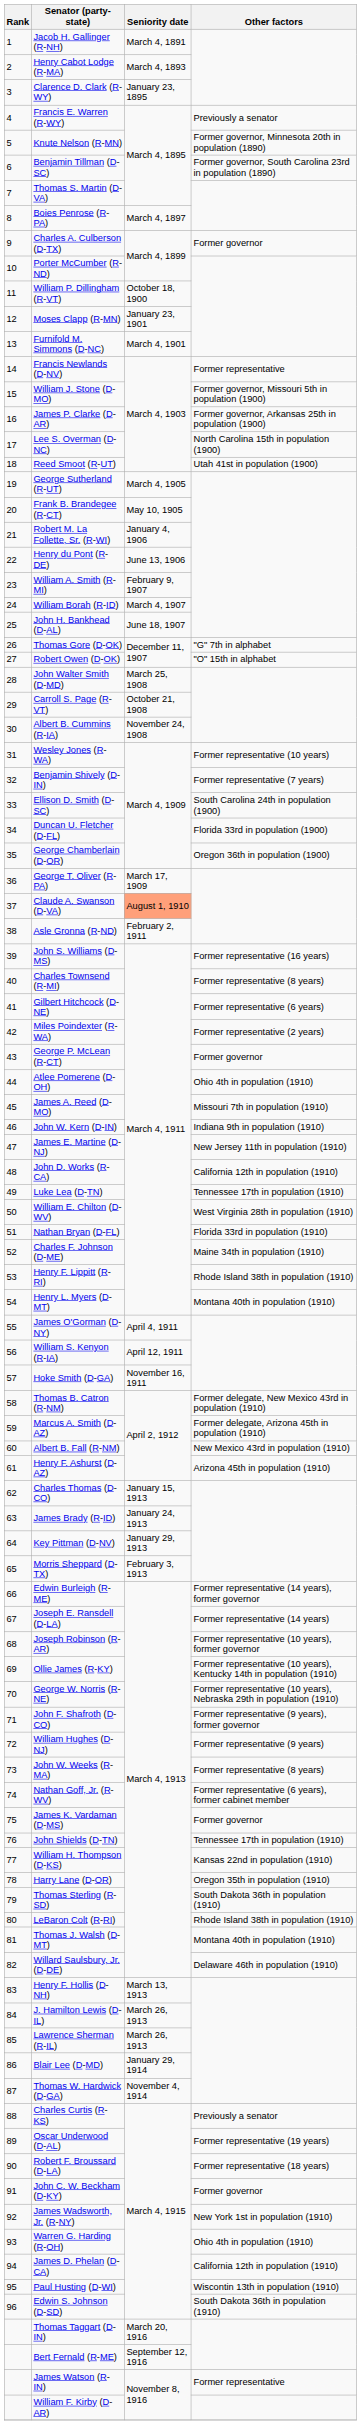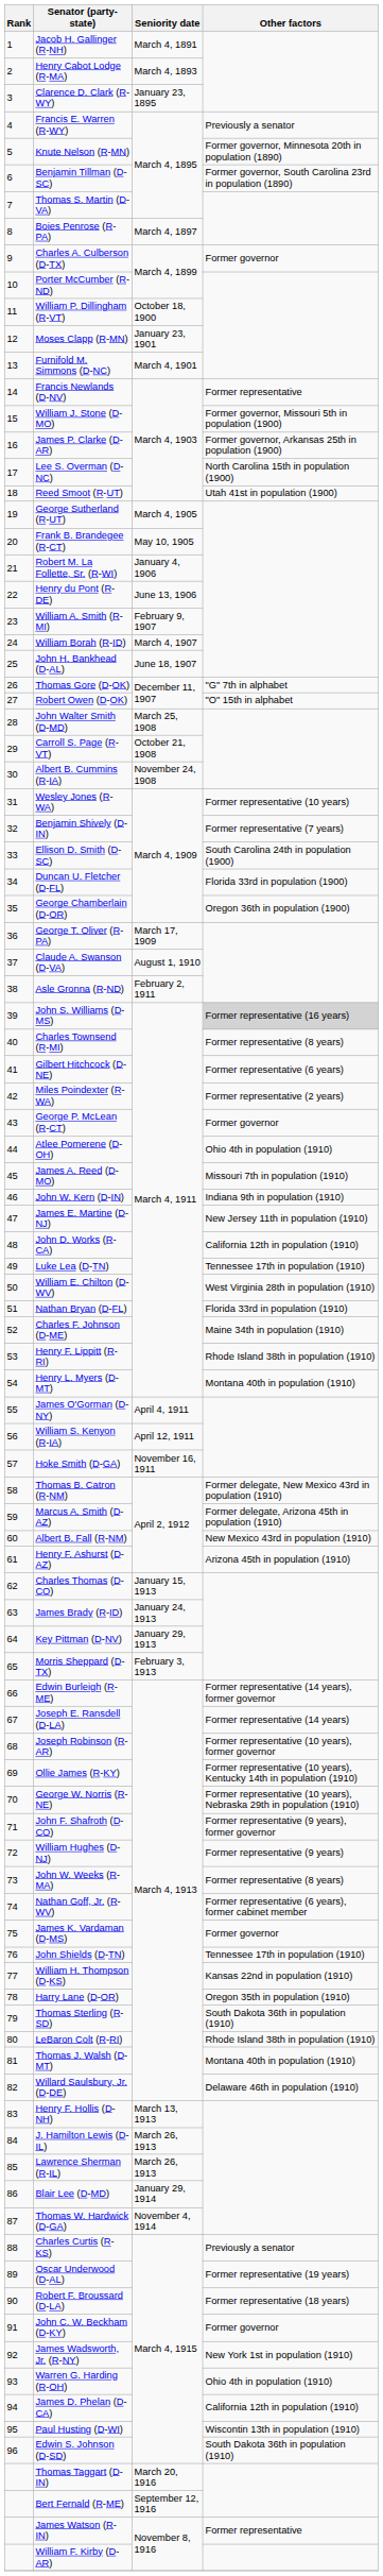 <table class=wikitable>
 <tr valign=bottom>
 <th>Rank</th>
 <th>Senator (party-state)</th>
 <th>Seniority date</th>
 <th>Other factors</th>
 </tr>
 <tr>
 <td>1</td>
 <td><a href='#'>Jacob H. Gallinger</a> (<a href='#'>R</a>-<a href='#'>NH</a>)</td>
 <td>March 4, 1891</td>
 <td rowspan=3></td>
 </tr>
 <tr>
 <td>2</td>
 <td><a href='#'>Henry Cabot Lodge</a> (<a href='#'>R</a>-<a href='#'>MA</a>)</td>
 <td>March 4, 1893</td>
 </tr>
 <tr>
 <td>3</td>
 <td><a href='#'>Clarence D. Clark</a> (<a href='#'>R</a>-<a href='#'>WY</a>)</td>
 <td>January 23, 1895</td>
 </tr>
 <tr>
 <td>4</td>
 <td><a href='#'>Francis E. Warren</a> (<a href='#'>R</a>-<a href='#'>WY</a>)</td>
 <td rowspan=4>March 4, 1895</td>
 <td>Previously a senator</td>
 </tr>
 <tr>
 <td>5</td>
 <td><a href='#'>Knute Nelson</a> (<a href='#'>R</a>-<a href='#'>MN</a>)</td>
 <td>Former governor, Minnesota 20th in population (1890)</td>
 </tr>
 <tr>
 <td>6</td>
 <td><a href='#'>Benjamin Tillman</a> (<a href='#'>D</a>-<a href='#'>SC</a>)</td>
 <td>Former governor, South Carolina 23rd in population (1890)</td>
 </tr>
 <tr>
 <td>7</td>
 <td><a href='#'>Thomas S. Martin</a> (<a href='#'>D</a>-<a href='#'>VA</a>)</td>
 <td rowspan=2></td>
 </tr>
 <tr>
 <td>8</td>
 <td><a href='#'>Boies Penrose</a> (<a href='#'>R</a>-<a href='#'>PA</a>)</td>
 <td>March 4, 1897</td>
 </tr>
 <tr>
 <td>9</td>
 <td><a href='#'>Charles A. Culberson</a> (<a href='#'>D</a>-<a href='#'>TX</a>)</td>
 <td rowspan=2>March 4, 1899</td>
 <td>Former governor</td>
 </tr>
 <tr>
 <td>10</td>
 <td><a href='#'>Porter McCumber</a> (<a href='#'>R</a>-<a href='#'>ND</a>)</td>
 <td rowspan=4></td>
 </tr>
 <tr>
 <td>11</td>
 <td><a href='#'>William P. Dillingham</a> (<a href='#'>R</a>-<a href='#'>VT</a>)</td>
 <td>October 18, 1900</td>
 </tr>
 <tr>
 <td>12</td>
 <td><a href='#'>Moses Clapp</a> (<a href='#'>R</a>-<a href='#'>MN</a>)</td>
 <td>January 23, 1901</td>
 </tr>
 <tr>
 <td>13</td>
 <td><a href='#'>Furnifold M. Simmons</a> (<a href='#'>D</a>-<a href='#'>NC</a>)</td>
 <td>March 4, 1901</td>
 </tr>
 <tr>
 <td>14</td>
 <td><a href='#'>Francis Newlands</a> (<a href='#'>D</a>-<a href='#'>NV</a>)</td>
 <td rowspan=5>March 4, 1903</td>
 <td>Former representative</td>
 </tr>
 <tr>
 <td>15</td>
 <td><a href='#'>William J. Stone</a> (<a href='#'>D</a>-<a href='#'>MO</a>)</td>
 <td>Former governor, Missouri 5th in population (1900)</td>
 </tr>
 <tr>
 <td>16</td>
 <td><a href='#'>James P. Clarke</a> (<a href='#'>D</a>-<a href='#'>AR</a>)</td>
 <td>Former governor, Arkansas 25th in population (1900)</td>
 </tr>
 <tr>
 <td>17</td>
 <td><a href='#'>Lee S. Overman</a> (<a href='#'>D</a>-<a href='#'>NC</a>)</td>
 <td>North Carolina 15th in population (1900)</td>
 </tr>
 <tr>
 <td>18</td>
 <td><a href='#'>Reed Smoot</a> (<a href='#'>R</a>-<a href='#'>UT</a>)</td>
 <td>Utah 41st in population (1900)</td>
 </tr>
 <tr>
 <td>19</td>
 <td><a href='#'>George Sutherland</a> (<a href='#'>R</a>-<a href='#'>UT</a>)</td>
 <td>March 4, 1905</td>
 <td rowspan=7></td>
 </tr>
 <tr>
 <td>20</td>
 <td><a href='#'>Frank B. Brandegee</a> (<a href='#'>R</a>-<a href='#'>CT</a>)</td>
 <td>May 10, 1905</td>
 </tr>
 <tr>
 <td>21</td>
 <td><a href='#'>Robert M. La Follette, Sr.</a> (<a href='#'>R</a>-<a href='#'>WI</a>)</td>
 <td>January 4, 1906</td>
 </tr>
 <tr>
 <td>22</td>
 <td><a href='#'>Henry du Pont</a> (<a href='#'>R</a>-<a href='#'>DE</a>)</td>
 <td>June 13, 1906</td>
 </tr>
 <tr>
 <td>23</td>
 <td><a href='#'>William A. Smith</a> (<a href='#'>R</a>-<a href='#'>MI</a>)</td>
 <td>February 9, 1907</td>
 </tr>
 <tr>
 <td>24</td>
 <td><a href='#'>William Borah</a> (<a href='#'>R</a>-<a href='#'>ID</a>)</td>
 <td>March 4, 1907</td>
 </tr>
 <tr>
 <td>25</td>
 <td><a href='#'>John H. Bankhead</a> (<a href='#'>D</a>-<a href='#'>AL</a>)</td>
 <td>June 18, 1907</td>
 </tr>
 <tr>
 <td>26</td>
 <td><a href='#'>Thomas Gore</a> (<a href='#'>D</a>-<a href='#'>OK</a>)</td>
 <td rowspan=2>December 11, 1907</td>
 <td>"G" 7th in alphabet</td>
 </tr>
 <tr>
 <td>27</td>
 <td><a href='#'>Robert Owen</a> (<a href='#'>D</a>-<a href='#'>OK</a>)</td>
 <td>"O" 15th in alphabet</td>
 </tr>
 <tr>
 <td>28</td>
 <td><a href='#'>John Walter Smith</a> (<a href='#'>D</a>-<a href='#'>MD</a>)</td>
 <td>March 25, 1908</td>
 <td rowspan=3></td>
 </tr>
 <tr>
 <td>29</td>
 <td><a href='#'>Carroll S. Page</a> (<a href='#'>R</a>-<a href='#'>VT</a>)</td>
 <td>October 21, 1908</td>
 </tr>
 <tr>
 <td>30</td>
 <td><a href='#'>Albert B. Cummins</a> (<a href='#'>R</a>-<a href='#'>IA</a>)</td>
 <td>November 24, 1908</td>
 </tr>
 <tr>
 <td>31</td>
 <td><a href='#'>Wesley Jones</a> (<a href='#'>R</a>-<a href='#'>WA</a>)</td>
 <td rowspan=5>March 4, 1909</td>
 <td>Former representative (10 years)</td>
 </tr>
 <tr>
 <td>32</td>
 <td><a href='#'>Benjamin Shively</a> (<a href='#'>D</a>-<a href='#'>IN</a>)</td>
 <td>Former representative (7 years)</td>
 </tr>
 <tr>
 <td>33</td>
 <td><a href='#'>Ellison D. Smith</a> (<a href='#'>D</a>-<a href='#'>SC</a>)</td>
 <td>South Carolina 24th in population (1900)</td>
 </tr>
 <tr>
 <td>34</td>
 <td><a href='#'>Duncan U. Fletcher</a> (<a href='#'>D</a>-<a href='#'>FL</a>)</td>
 <td>Florida 33rd in population (1900)</td>
 </tr>
 <tr>
 <td>35</td>
 <td><a href='#'>George Chamberlain</a> (<a href='#'>D</a>-<a href='#'>OR</a>)</td>
 <td>Oregon 36th in population (1900)</td>
 </tr>
 <tr>
 <td>36</td>
 <td><a href='#'>George T. Oliver</a> (<a href='#'>R</a>-<a href='#'>PA</a>)</td>
 <td>March 17, 1909</td>
 <td rowspan=3></td>
 </tr>
 <tr>
 <td>37</td>
 <td><a href='#'>Claude A. Swanson</a> (<a href='#'>D</a>-<a href='#'>VA</a>)</td>
-<td style="background: lightsalmon;">August 1, 1910</td>
+<td>August 1, 1910</td>
 </tr>
 <tr>
 <td>38</td>
 <td><a href='#'>Asle Gronna</a> (<a href='#'>R</a>-<a href='#'>ND</a>)</td>
 <td>February 2, 1911</td>
 </tr>
 <tr>
 <td>39</td>
 <td><a href='#'>John S. Williams</a> (<a href='#'>D</a>-<a href='#'>MS</a>)</td>
 <td rowspan=16>March 4, 1911</td>
-<td>Former representative (16 years)</td>
+<td style="background: lightgrey;">Former representative (16 years)</td>
 </tr>
 <tr>
 <td>40</td>
 <td><a href='#'>Charles Townsend</a> (<a href='#'>R</a>-<a href='#'>MI</a>)</td>
 <td>Former representative (8 years)</td>
 </tr>
 <tr>
 <td>41</td>
 <td><a href='#'>Gilbert Hitchcock</a> (<a href='#'>D</a>-<a href='#'>NE</a>)</td>
 <td>Former representative (6 years)</td>
 </tr>
 <tr>
 <td>42</td>
 <td><a href='#'>Miles Poindexter</a> (<a href='#'>R</a>-<a href='#'>WA</a>)</td>
 <td>Former representative (2 years)</td>
 </tr>
 <tr>
 <td>43</td>
 <td><a href='#'>George P. McLean</a> (<a href='#'>R</a>-<a href='#'>CT</a>)</td>
 <td>Former governor</td>
 </tr>
 <tr>
 <td>44</td>
 <td><a href='#'>Atlee Pomerene</a> (<a href='#'>D</a>-<a href='#'>OH</a>)</td>
 <td>Ohio 4th in population (1910)</td>
 </tr>
 <tr>
 <td>45</td>
 <td><a href='#'>James A. Reed</a> (<a href='#'>D</a>-<a href='#'>MO</a>)</td>
 <td>Missouri 7th in population (1910)</td>
 </tr>
 <tr>
 <td>46</td>
 <td><a href='#'>John W. Kern</a> (<a href='#'>D</a>-<a href='#'>IN</a>)</td>
 <td>Indiana 9th in population (1910)</td>
 </tr>
 <tr>
 <td>47</td>
 <td><a href='#'>James E. Martine</a> (<a href='#'>D</a>-<a href='#'>NJ</a>)</td>
 <td>New Jersey 11th in population (1910)</td>
 </tr>
 <tr>
 <td>48</td>
 <td><a href='#'>John D. Works</a> (<a href='#'>R</a>-<a href='#'>CA</a>)</td>
 <td>California 12th in population (1910)</td>
 </tr>
 <tr>
 <td>49</td>
 <td><a href='#'>Luke Lea</a> (<a href='#'>D</a>-<a href='#'>TN</a>)</td>
 <td>Tennessee 17th in population (1910)</td>
 </tr>
 <tr>
 <td>50</td>
 <td><a href='#'>William E. Chilton</a> (<a href='#'>D</a>-<a href='#'>WV</a>)</td>
 <td>West Virginia 28th in population (1910)</td>
 </tr>
 <tr>
 <td>51</td>
 <td><a href='#'>Nathan Bryan</a> (<a href='#'>D</a>-<a href='#'>FL</a>)</td>
 <td>Florida 33rd in population (1910)</td>
 </tr>
 <tr>
 <td>52</td>
 <td><a href='#'>Charles F. Johnson</a> (<a href='#'>D</a>-<a href='#'>ME</a>)</td>
 <td>Maine 34th in population (1910)</td>
 </tr>
 <tr>
 <td>53</td>
 <td><a href='#'>Henry F. Lippitt</a> (<a href='#'>R</a>-<a href='#'>RI</a>)</td>
 <td>Rhode Island 38th in population (1910)</td>
 </tr>
 <tr>
 <td>54</td>
 <td><a href='#'>Henry L. Myers</a> (<a href='#'>D</a>-<a href='#'>MT</a>)</td>
 <td>Montana 40th in population (1910)</td>
 </tr>
 <tr>
 <td>55</td>
 <td><a href='#'>James O'Gorman</a> (<a href='#'>D</a>-<a href='#'>NY</a>)</td>
 <td>April 4, 1911</td>
 <td rowspan=3></td>
 </tr>
 <tr>
 <td>56</td>
 <td><a href='#'>William S. Kenyon</a> (<a href='#'>R</a>-<a href='#'>IA</a>)</td>
 <td>April 12, 1911</td>
 </tr>
 <tr>
 <td>57</td>
 <td><a href='#'>Hoke Smith</a> (<a href='#'>D</a>-<a href='#'>GA</a>)</td>
 <td>November 16, 1911</td>
 </tr>
 <tr>
 <td>58</td>
 <td><a href='#'>Thomas B. Catron</a> (<a href='#'>R</a>-<a href='#'>NM</a>)</td>
 <td rowspan=4>April 2, 1912</td>
 <td>Former delegate, New Mexico 43rd in population (1910)</td>
 </tr>
 <tr>
 <td>59</td>
 <td><a href='#'>Marcus A. Smith</a> (<a href='#'>D</a>-<a href='#'>AZ</a>)</td>
 <td>Former delegate, Arizona 45th in population (1910)</td>
 </tr>
 <tr>
 <td>60</td>
 <td><a href='#'>Albert B. Fall</a> (<a href='#'>R</a>-<a href='#'>NM</a>)</td>
 <td>New Mexico 43rd in population (1910)</td>
 </tr>
 <tr>
 <td>61</td>
 <td><a href='#'>Henry F. Ashurst</a>  (<a href='#'>D</a>-<a href='#'>AZ</a>)</td>
 <td>Arizona 45th in population (1910)</td>
 </tr>
 <tr>
 <td>62</td>
 <td><a href='#'>Charles Thomas</a> (<a href='#'>D</a>-<a href='#'>CO</a>)</td>
 <td>January 15, 1913</td>
 <td rowspan=4></td>
 </tr>
 <tr>
 <td>63</td>
 <td><a href='#'>James Brady</a> (<a href='#'>R</a>-<a href='#'>ID</a>)</td>
 <td>January 24, 1913</td>
 </tr>
 <tr>
 <td>64</td>
 <td><a href='#'>Key Pittman</a> (<a href='#'>D</a>-<a href='#'>NV</a>)</td>
 <td>January 29, 1913</td>
 </tr>
 <tr>
 <td>65</td>
 <td><a href='#'>Morris Sheppard</a> (<a href='#'>D</a>-<a href='#'>TX</a>)</td>
 <td>February 3, 1913</td>
 </tr>
 <tr>
 <td>66</td>
 <td><a href='#'>Edwin Burleigh</a> (<a href='#'>R</a>-<a href='#'>ME</a>)</td>
 <td rowspan=17>March 4, 1913</td>
 <td>Former representative (14 years), former governor</td>
 </tr>
 <tr>
 <td>67</td>
 <td><a href='#'>Joseph E. Ransdell</a> (<a href='#'>D</a>-<a href='#'>LA</a>)</td>
 <td>Former representative (14 years)</td>
 </tr>
 <tr>
 <td>68</td>
 <td><a href='#'>Joseph Robinson</a> (<a href='#'>R</a>-<a href='#'>AR</a>)</td>
 <td>Former representative (10 years), former governor</td>
 </tr>
 <tr>
 <td>69</td>
 <td><a href='#'>Ollie James</a> (<a href='#'>R</a>-<a href='#'>KY</a>)</td>
 <td>Former representative (10 years), Kentucky 14th in population (1910)</td>
 </tr>
 <tr>
 <td>70</td>
 <td><a href='#'>George W. Norris</a> (<a href='#'>R</a>-<a href='#'>NE</a>)</td>
 <td>Former representative (10 years), Nebraska 29th in population (1910)</td>
 </tr>
 <tr>
 <td>71</td>
 <td><a href='#'>John F. Shafroth</a> (<a href='#'>D</a>-<a href='#'>CO</a>)</td>
 <td>Former representative (9 years), former governor</td>
 </tr>
 <tr>
 <td>72</td>
 <td><a href='#'>William Hughes</a> (<a href='#'>D</a>-<a href='#'>NJ</a>)</td>
 <td>Former representative (9 years)</td>
 </tr>
 <tr>
 <td>73</td>
 <td><a href='#'>John W. Weeks</a> (<a href='#'>R</a>-<a href='#'>MA</a>)</td>
 <td>Former representative (8 years)</td>
 </tr>
 <tr>
 <td>74</td>
 <td><a href='#'>Nathan Goff, Jr.</a> (<a href='#'>R</a>-<a href='#'>WV</a>)</td>
 <td>Former representative (6 years), former cabinet member</td>
 </tr>
 <tr>
 <td>75</td>
 <td><a href='#'>James K. Vardaman</a> (<a href='#'>D</a>-<a href='#'>MS</a>)</td>
 <td>Former governor</td>
 </tr>
 <tr>
 <td>76</td>
 <td><a href='#'>John Shields</a> (<a href='#'>D</a>-<a href='#'>TN</a>)</td>
 <td>Tennessee 17th in population (1910)</td>
 </tr>
 <tr>
 <td>77</td>
 <td><a href='#'>William H. Thompson</a> (<a href='#'>D</a>-<a href='#'>KS</a>)</td>
 <td>Kansas 22nd in population (1910)</td>
 </tr>
 <tr>
 <td>78</td>
 <td><a href='#'>Harry Lane</a> (<a href='#'>D</a>-<a href='#'>OR</a>)</td>
 <td>Oregon 35th in population (1910)</td>
 </tr>
 <tr>
 <td>79</td>
 <td><a href='#'>Thomas Sterling</a> (<a href='#'>R</a>-<a href='#'>SD</a>)</td>
 <td>South Dakota 36th in population (1910)</td>
 </tr>
 <tr>
 <td>80</td>
 <td><a href='#'>LeBaron Colt</a> (<a href='#'>R</a>-<a href='#'>RI</a>)</td>
 <td>Rhode Island 38th in population (1910)</td>
 </tr>
 <tr>
 <td>81</td>
 <td><a href='#'>Thomas J. Walsh</a> (<a href='#'>D</a>-<a href='#'>MT</a>)</td>
 <td>Montana 40th in population (1910)</td>
 </tr>
 <tr>
 <td>82</td>
 <td><a href='#'>Willard Saulsbury, Jr.</a> (<a href='#'>D</a>-<a href='#'>DE</a>)</td>
 <td>Delaware 46th in population (1910)</td>
 </tr>
 <tr>
 <td>83</td>
 <td><a href='#'>Henry F. Hollis</a> (<a href='#'>D</a>-<a href='#'>NH</a>)</td>
 <td>March 13, 1913</td>
 <td rowspan=5></td>
 </tr>
 <tr>
 <td>84</td>
 <td><a href='#'>J. Hamilton Lewis</a> (<a href='#'>D</a>-<a href='#'>IL</a>)</td>
 <td>March 26, 1913</td>
 </tr>
 <tr>
 <td>85</td>
 <td><a href='#'>Lawrence Sherman</a> (<a href='#'>R</a>-<a href='#'>IL</a>)</td>
 <td>March 26, 1913</td>
 </tr>
 <tr>
 <td>86</td>
 <td><a href='#'>Blair Lee</a> (<a href='#'>D</a>-<a href='#'>MD</a>)</td>
 <td>January 29, 1914</td>
 </tr>
 <tr>
 <td>87</td>
 <td><a href='#'>Thomas W. Hardwick</a> (<a href='#'>D</a>-<a href='#'>GA</a>)</td>
 <td>November 4, 1914</td>
 </tr>
 <tr>
 <td>88</td>
 <td><a href='#'>Charles Curtis</a> (<a href='#'>R</a>-<a href='#'>KS</a>)</td>
 <td rowspan=9>March 4, 1915</td>
 <td>Previously a senator</td>
 </tr>
 <tr>
 <td>89</td>
 <td><a href='#'>Oscar Underwood</a> (<a href='#'>D</a>-<a href='#'>AL</a>)</td>
 <td>Former representative (19 years)</td>
 </tr>
 <tr>
 <td>90</td>
 <td><a href='#'>Robert F. Broussard</a> (<a href='#'>D</a>-<a href='#'>LA</a>)</td>
 <td>Former representative (18 years)</td>
 </tr>
 <tr>
 <td>91</td>
 <td><a href='#'>John C. W. Beckham</a> (<a href='#'>D</a>-<a href='#'>KY</a>)</td>
 <td>Former governor</td>
 </tr>
 <tr>
 <td>92</td>
 <td><a href='#'>James Wadsworth, Jr.</a> (<a href='#'>R</a>-<a href='#'>NY</a>)</td>
 <td>New York 1st in population (1910)</td>
 </tr>
 <tr>
 <td>93</td>
 <td><a href='#'>Warren G. Harding</a> (<a href='#'>R</a>-<a href='#'>OH</a>)</td>
 <td>Ohio 4th in population (1910)</td>
 </tr>
 <tr>
 <td>94</td>
 <td><a href='#'>James D. Phelan</a> (<a href='#'>D</a>-<a href='#'>CA</a>)</td>
 <td>California 12th in population (1910)</td>
 </tr>
 <tr>
 <td>95</td>
 <td><a href='#'>Paul Husting</a> (<a href='#'>D</a>-<a href='#'>WI</a>)</td>
 <td>Wiscontin 13th in population (1910)</td>
 </tr>
 <tr>
 <td>96</td>
 <td><a href='#'>Edwin S. Johnson</a> (<a href='#'>D</a>-<a href='#'>SD</a>)</td>
 <td>South Dakota 36th in population (1910)</td>
 </tr>
 <tr>
 <td></td>
 <td><a href='#'>Thomas Taggart</a> (<a href='#'>D</a>-<a href='#'>IN</a>)</td>
 <td>March 20, 1916</td>
 <td rowspan=2></td>
 </tr>
 <tr>
 <td></td>
 <td><a href='#'>Bert Fernald</a> (<a href='#'>R</a>-<a href='#'>ME</a>)</td>
 <td>September 12, 1916</td>
 </tr>
 <tr>
 <td></td>
 <td><a href='#'>James Watson</a> (<a href='#'>R</a>-<a href='#'>IN</a>)</td>
 <td rowspan=2>November 8, 1916</td>
 <td>Former representative</td>
 </tr>
 <tr>
 <td></td>
 <td><a href='#'>William F. Kirby</a> (<a href='#'>D</a>-<a href='#'>AR</a>)</td>
 <td></td>
 </tr>
 <tr>
 </tr>
 </table>
